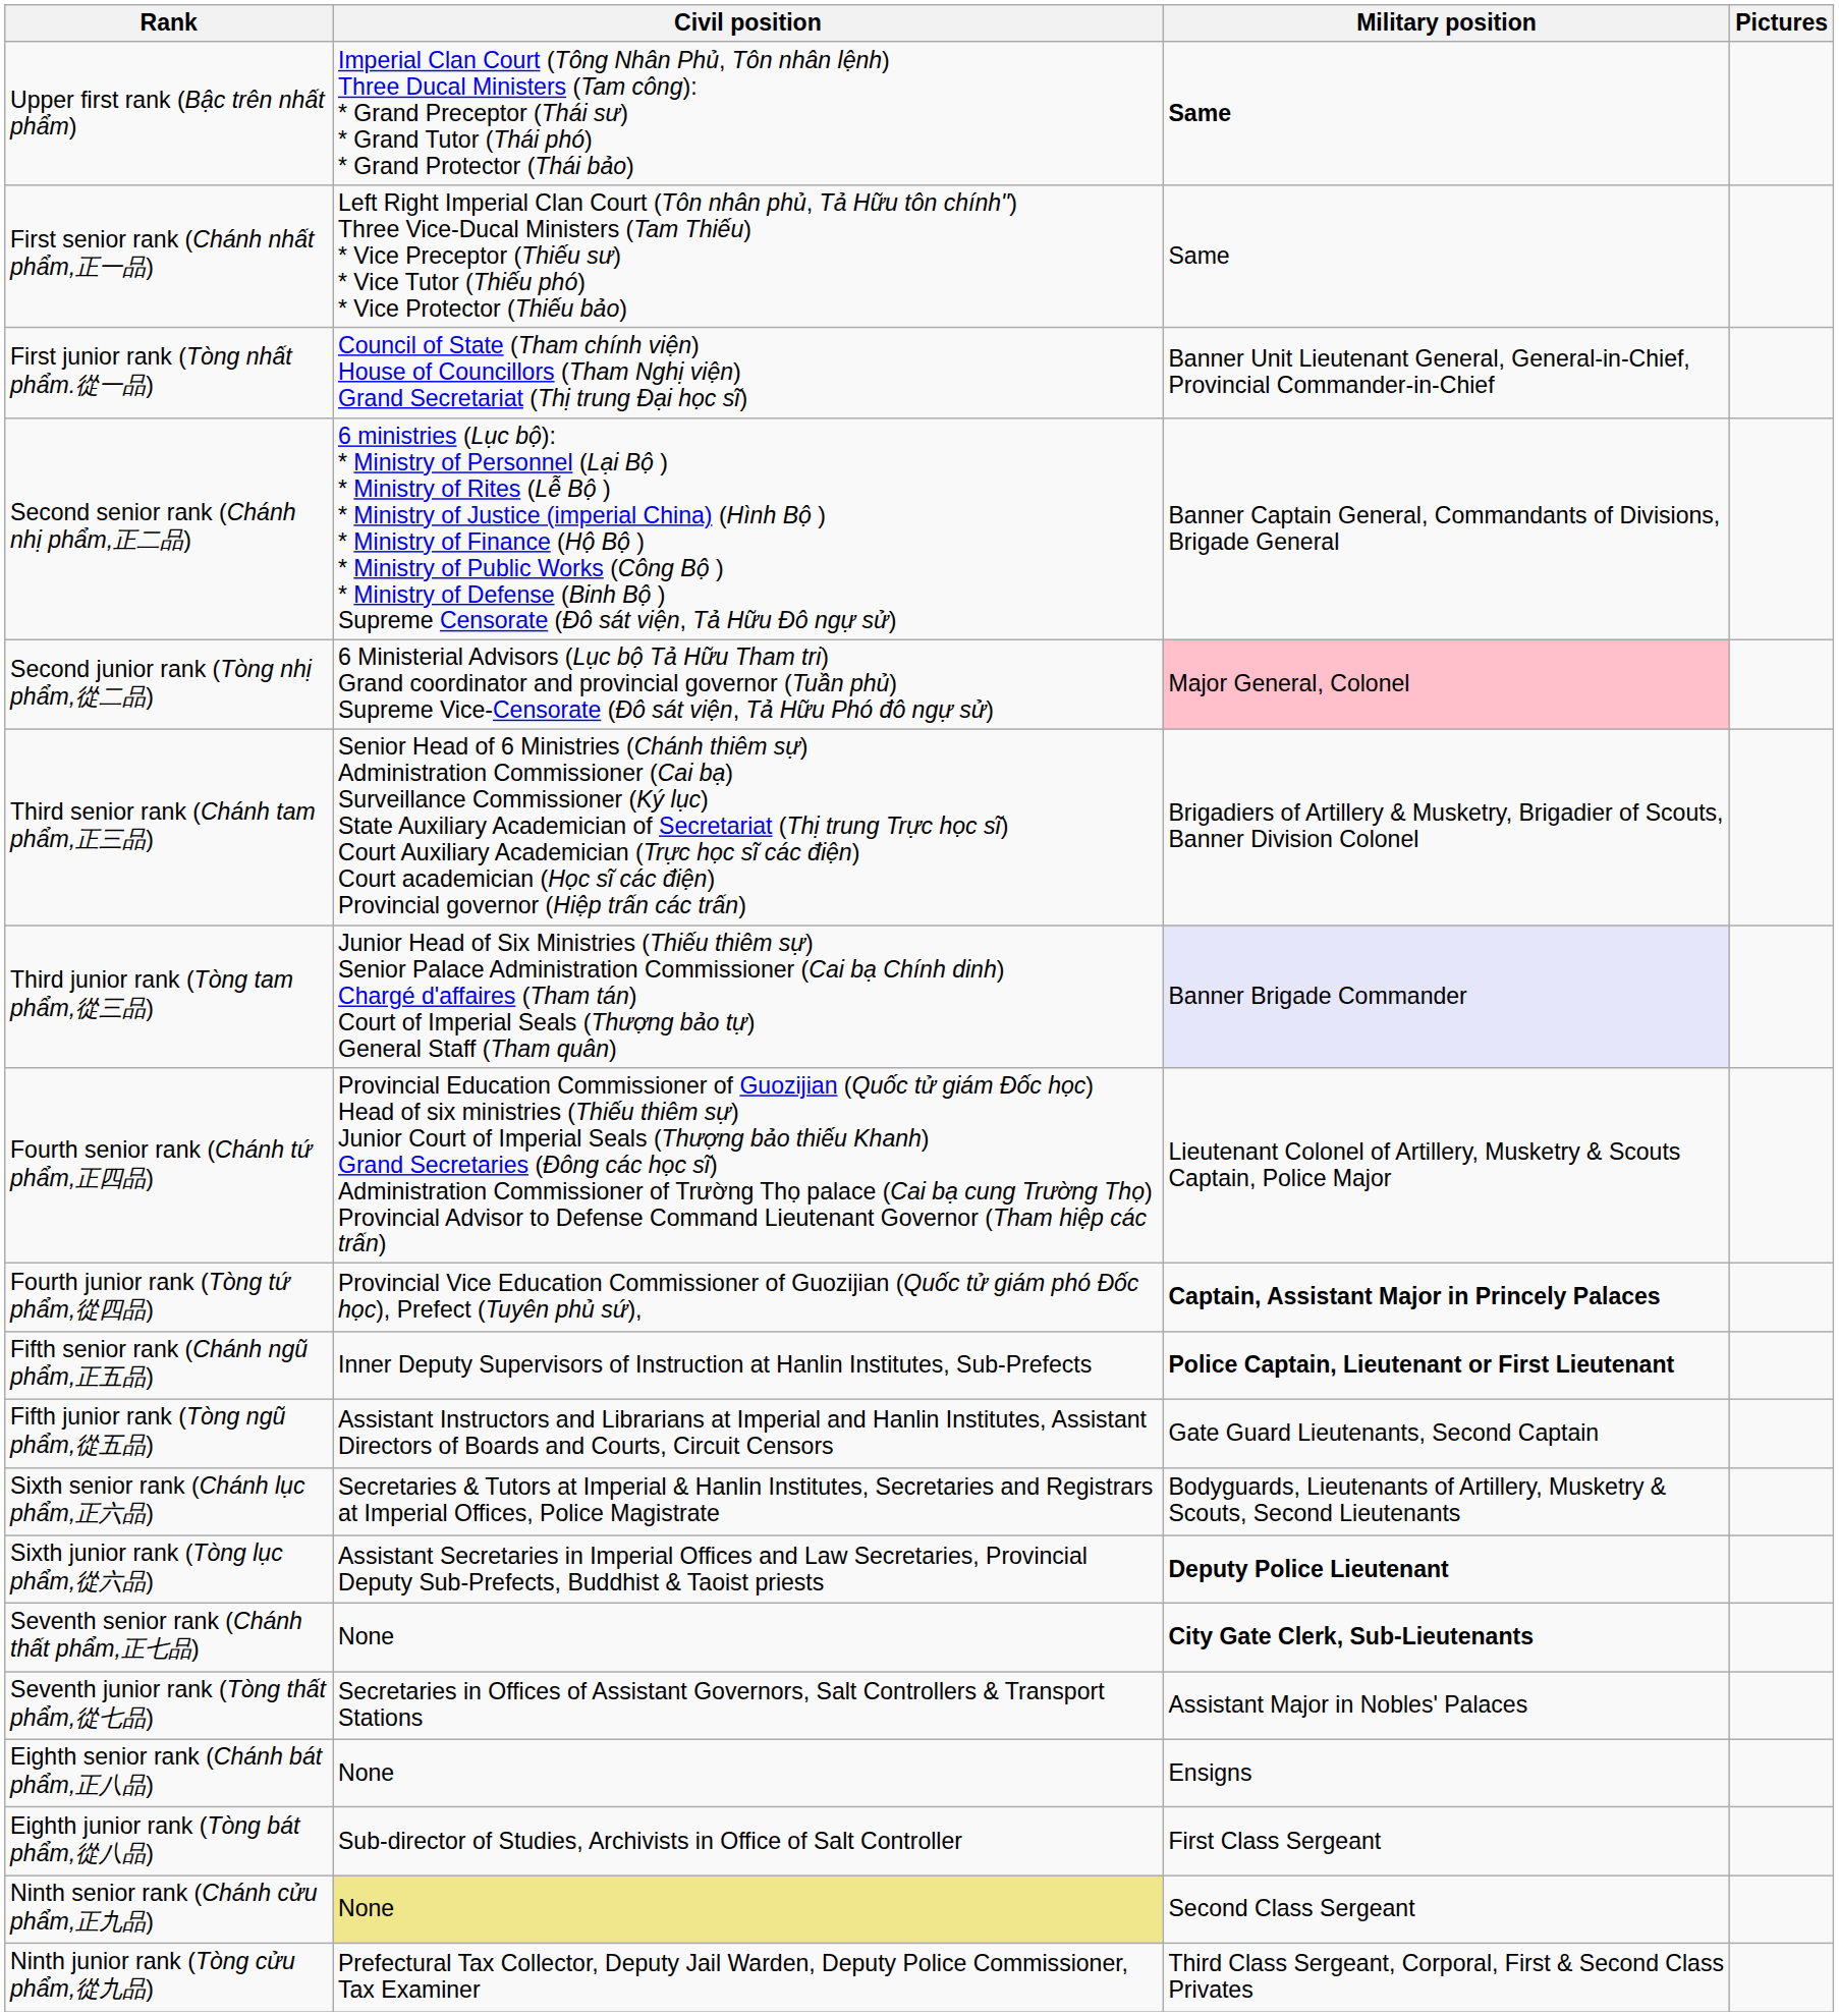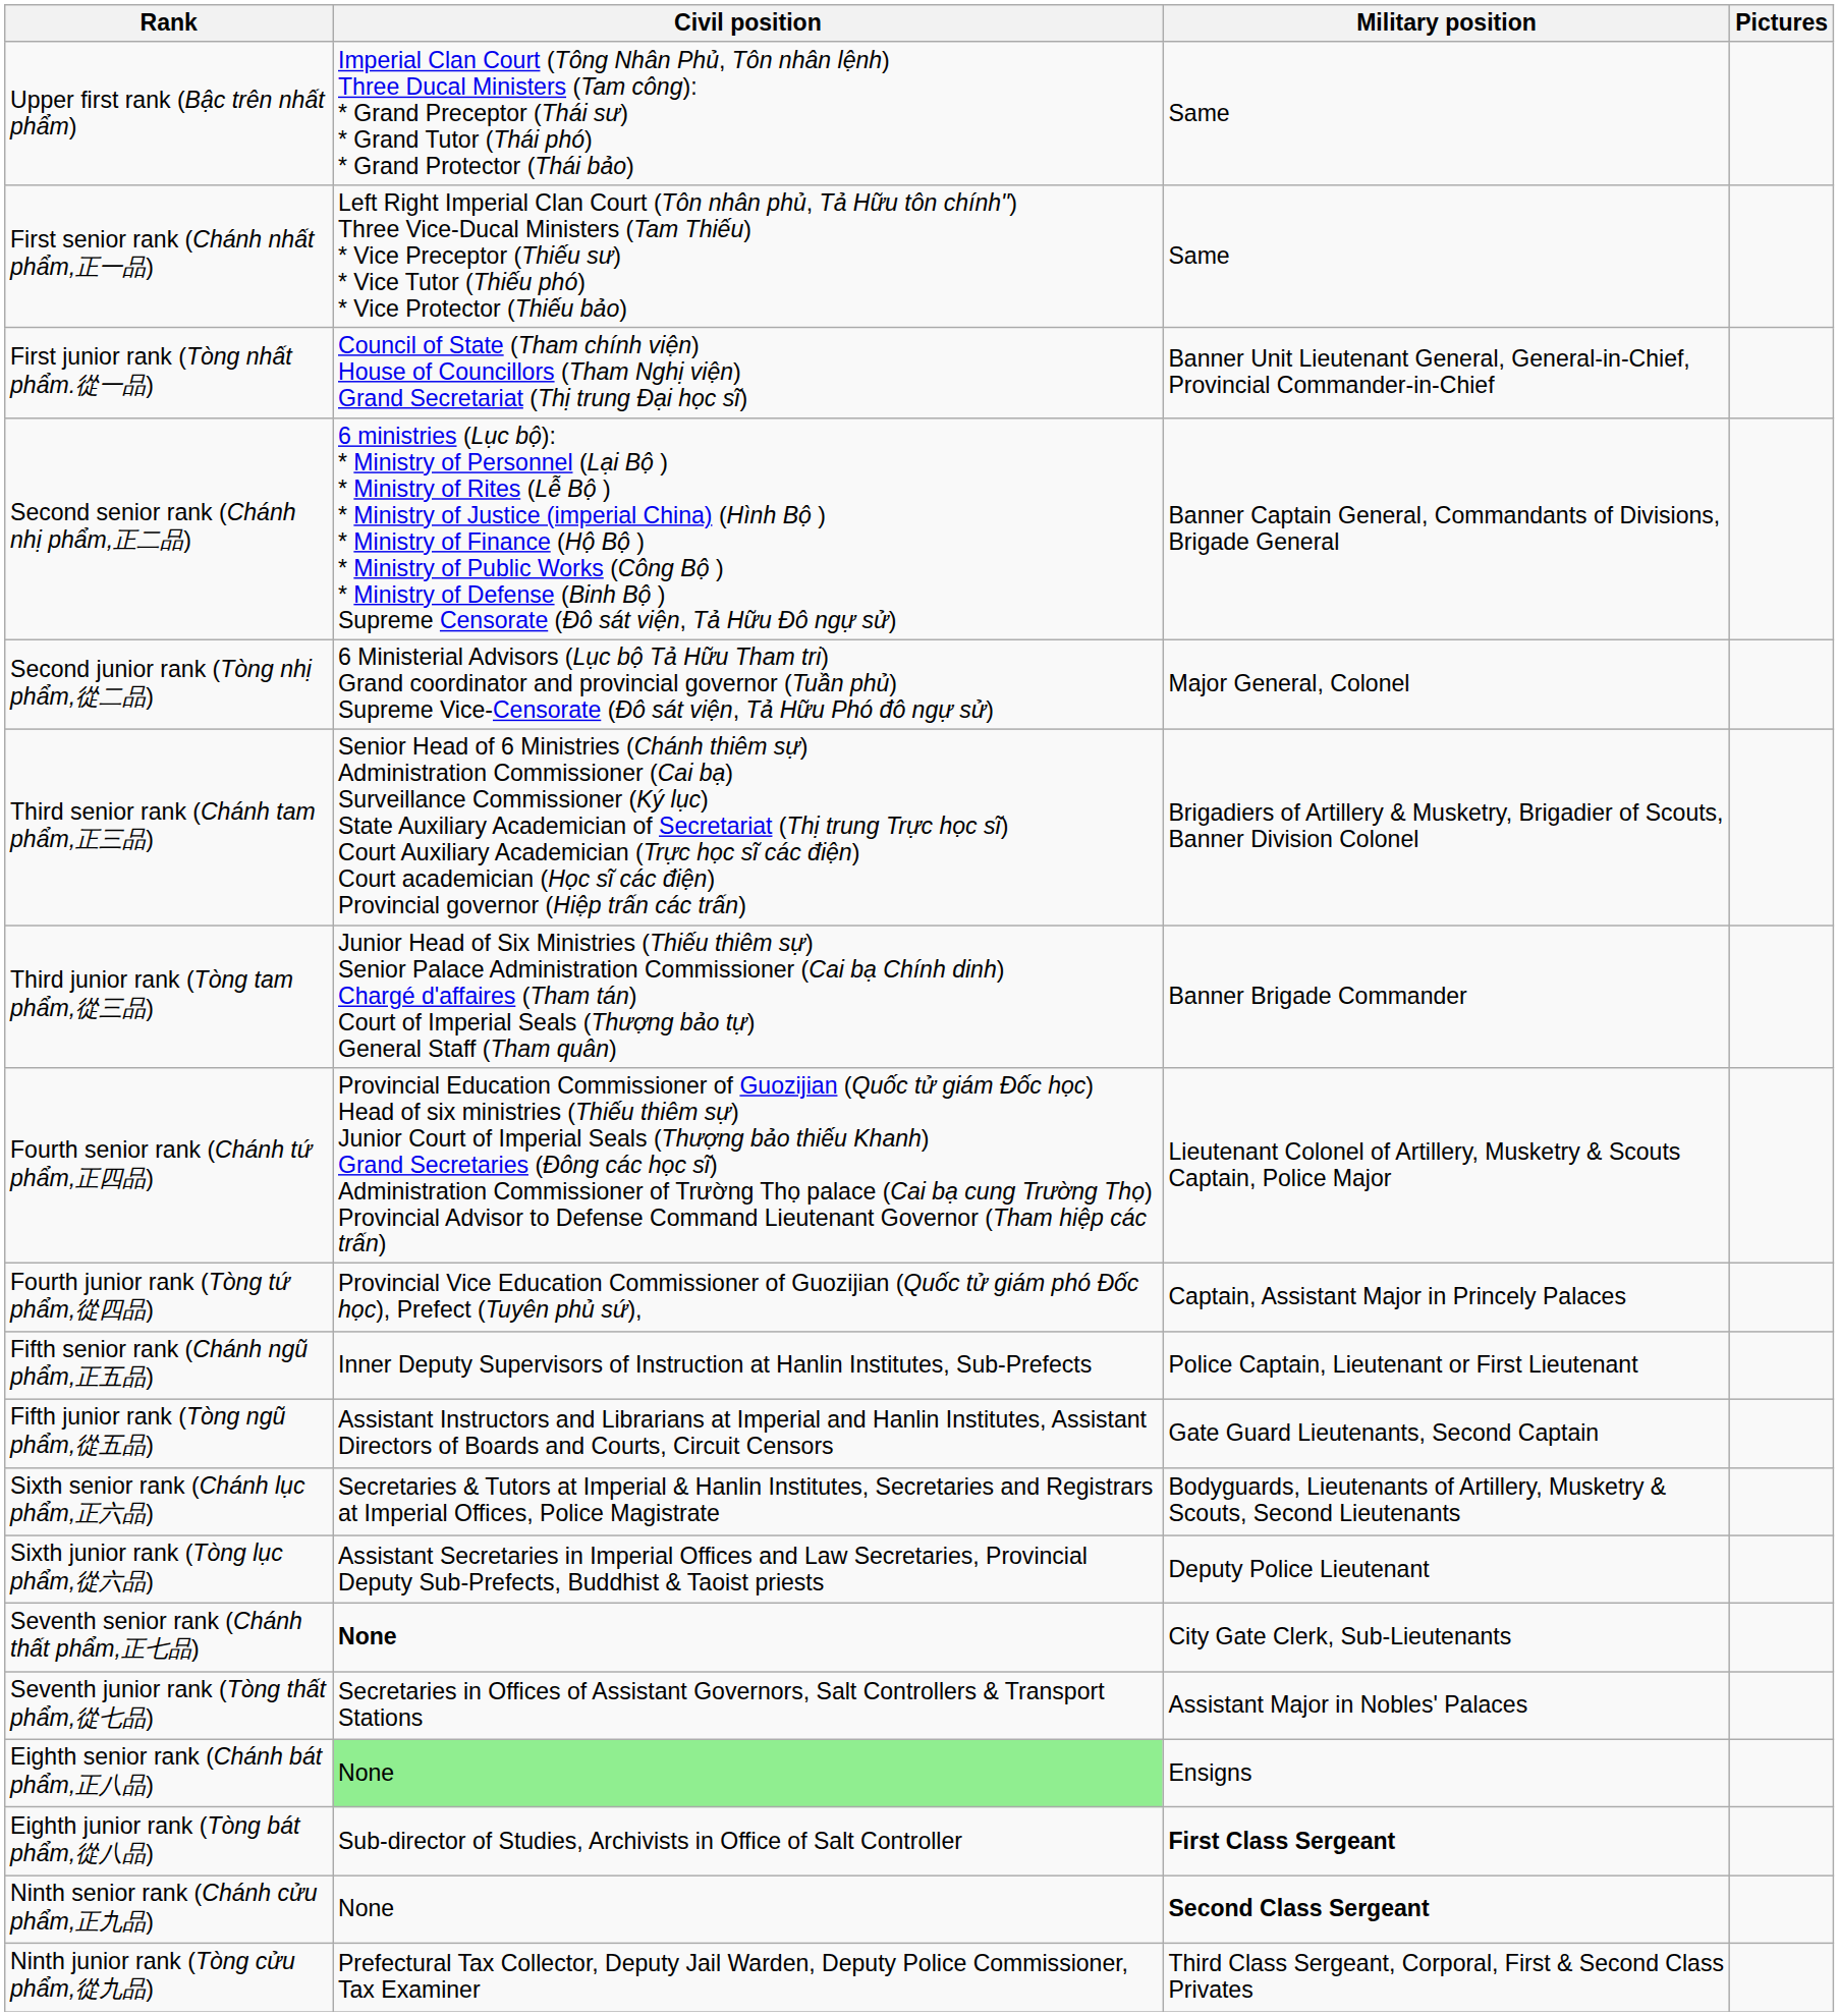 <table class="wikitable">
 <tr>
 <th>Rank</th>
 <th>Civil position</th>
 <th>Military position</th>
 <th colspan="4">Pictures</th>
 </tr>
 <tr>
 <td>Upper first rank (<em>Bậc trên nhất phẩm</em>)</td>
 <td><a href='#'>Imperial Clan Court</a> (<em>Tông Nhân Phủ</em>, <em>Tôn nhân lệnh</em>)<br> <a href='#'>Three Ducal Ministers</a> (<em>Tam công</em>):<br> * Grand Preceptor (<em>Thái sư</em>) <br>* Grand Tutor (<em>Thái phó</em>)<br> * Grand Protector (<em>Thái bảo</em>)</td>
-<td><strong>Same</strong></td>
+<td>Same</td>
 <td>  </td>
 </tr>
 <tr>
 <td>First senior rank (<em>Chánh nhất phẩm,正一品</em>)</td>
 <td>Left Right Imperial Clan Court (<em>Tôn nhân phủ</em>, <em>Tả Hữu tôn chính"</em>)<br> Three Vice-Ducal Ministers (<em>Tam Thiếu</em>)<br>* Vice Preceptor (<em>Thiếu sư</em>)<br>* Vice Tutor (<em>Thiếu phó</em>)<br>* Vice Protector (<em>Thiếu bảo</em>)</td>
 <td>Same</td>
 <td></td>
 </tr>
 <tr>
 <td>First junior rank (<em>Tòng nhất phẩm.從一品</em>)</td>
 <td><a href='#'>Council of State</a> (<em>Tham chính viện</em>)<br> <a href='#'>House of Councillors</a> (<em>Tham Nghị viện</em>)<br> <a href='#'>Grand Secretariat</a> (<em>Thị trung Đại học sĩ</em>)</td>
 <td>Banner Unit Lieutenant General, General-in-Chief, Provincial Commander-in-Chief</td>
 <td></td>
 </tr>
 <tr>
 <td>Second senior rank (<em>Chánh nhị phẩm,正二品</em>)</td>
 <td><a href='#'>6 ministries</a> (<em>Lục bộ</em>):<br>* <a href='#'>Ministry of Personnel</a> (<em>Lại Bộ </em>) <br>* <a href='#'>Ministry of Rites</a> (<em>Lễ Bộ </em>)<br>* <a href='#'>Ministry of Justice (imperial China)</a> (<em>Hình Bộ </em>)<br>* <a href='#'>Ministry of Finance</a> (<em>Hộ Bộ </em>)<br>* <a href='#'>Ministry of Public Works</a> (<em>Công Bộ </em>)<br>* <a href='#'>Ministry of Defense</a> (<em>Binh Bộ </em>)<br> Supreme <a href='#'>Censorate</a> (<em>Đô sát viện</em>, <em>Tả Hữu Đô ngự sử</em>)</td>
 <td>Banner Captain General, Commandants of Divisions, Brigade General</td>
 <td></td>
 </tr>
 <tr>
 <td>Second junior rank (<em>Tòng nhị phẩm,從二品</em>)</td>
 <td>6 Ministerial Advisors (<em>Lục bộ Tả Hữu Tham tri</em>)<br>Grand coordinator and provincial governor (<em>Tuần phủ</em>)<br>Supreme Vice-<a href='#'>Censorate</a> (<em>Đô sát viện</em>, <em>Tả Hữu Phó đô ngự sử</em>)</td>
-<td style="background: pink;">Major General, Colonel</td>
+<td>Major General, Colonel</td>
 <td></td>
 </tr>
 <tr>
 <td>Third senior rank (<em>Chánh tam phẩm,正三品</em>)</td>
 <td>Senior Head of 6 Ministries (<em>Chánh thiêm sự</em>)<br> Administration Commissioner (<em>Cai bạ</em>)<br>Surveillance Commissioner (<em>Ký lục</em>)<br>State Auxiliary Academician of <a href='#'>Secretariat</a> (<em>Thị trung Trực học sĩ</em>)<br> Court Auxiliary Academician (<em>Trực học sĩ các điện</em>)<br>Court academician (<em>Học sĩ các điện</em>)<br>Provincial governor (<em>Hiệp trấn các trấn</em>)</td>
 <td>Brigadiers of Artillery & Musketry, Brigadier of Scouts, Banner Division Colonel</td>
 <td></td>
 </tr>
 <tr>
 <td>Third junior rank (<em>Tòng tam phẩm,從三品</em>)</td>
 <td>Junior Head of Six Ministries (<em>Thiếu thiêm sự</em>)<br>Senior Palace Administration Commissioner (<em>Cai bạ Chính dinh</em>)<br><a href='#'>Chargé d'affaires</a> (<em>Tham tán</em>)<br> Court of Imperial Seals (<em>Thượng bảo tự</em>)<br>General Staff (<em>Tham quân</em>)</td>
-<td style="background: lavender;">Banner Brigade Commander</td>
+<td>Banner Brigade Commander</td>
 <td></td>
 </tr>
 <tr>
 <td>Fourth senior rank (<em>Chánh tứ phẩm,正四品</em>)</td>
 <td>Provincial Education Commissioner of <a href='#'>Guozijian</a> (<em>Quốc tử giám Đốc học</em>)<br>Head of six ministries (<em>Thiếu thiêm sự</em>)<br>Junior Court of Imperial Seals (<em>Thượng bảo thiếu Khanh</em>)<br><a href='#'>Grand Secretaries</a> (<em>Đông các học sĩ</em>)<br>Administration Commissioner of Trường Thọ palace (<em>Cai bạ cung Trường Thọ</em>)<br>Provincial Advisor to Defense Command Lieutenant Governor (<em>Tham hiệp các trấn</em>)</td>
 <td>Lieutenant Colonel of Artillery, Musketry & Scouts Captain, Police Major</td>
 <td></td>
 </tr>
 <tr>
 <td>Fourth junior rank (<em>Tòng tứ phẩm,從四品</em>)</td>
 <td>Provincial Vice Education Commissioner of Guozijian (<em>Quốc tử giám phó Đốc học</em>), Prefect (<em>Tuyên phủ sứ</em>),</td>
-<td><strong>Captain, Assistant Major in Princely Palaces</strong></td>
+<td>Captain, Assistant Major in Princely Palaces</td>
 <td></td>
 </tr>
 <tr>
 <td>Fifth senior rank (<em>Chánh ngũ phẩm,正五品</em>)</td>
 <td>Inner Deputy Supervisors of Instruction at Hanlin Institutes, Sub-Prefects</td>
-<td><strong>Police Captain, Lieutenant or First Lieutenant</strong></td>
+<td>Police Captain, Lieutenant or First Lieutenant</td>
 <td></td>
 </tr>
 <tr>
 <td>Fifth junior rank (<em>Tòng ngũ phẩm,從五品</em>)</td>
 <td>Assistant Instructors and Librarians at Imperial and Hanlin Institutes, Assistant Directors of Boards and Courts, Circuit Censors</td>
 <td>Gate Guard Lieutenants, Second Captain</td>
 <td></td>
 </tr>
 <tr>
 <td>Sixth senior rank (<em>Chánh lục phẩm,正六品</em>)</td>
 <td>Secretaries & Tutors at Imperial & Hanlin Institutes, Secretaries and Registrars at Imperial Offices, Police Magistrate</td>
 <td>Bodyguards, Lieutenants of Artillery, Musketry & Scouts, Second Lieutenants</td>
 <td></td>
 </tr>
 <tr>
 <td>Sixth junior rank (<em>Tòng lục phẩm,從六品</em>)</td>
 <td>Assistant Secretaries in Imperial Offices and Law Secretaries, Provincial Deputy Sub-Prefects, Buddhist & Taoist priests</td>
-<td><strong>Deputy Police Lieutenant</strong></td>
+<td>Deputy Police Lieutenant</td>
 <td></td>
 </tr>
 <tr>
 <td>Seventh senior rank (<em>Chánh thất phẩm,正七品</em>)</td>
-<td>None</td>
-<td><strong>City Gate Clerk, Sub-Lieutenants</strong></td>
+<td><strong>None</strong></td>
+<td>City Gate Clerk, Sub-Lieutenants</td>
 <td></td>
 </tr>
 <tr>
 <td>Seventh junior rank (<em>Tòng thất phẩm,從七品</em>)</td>
 <td>Secretaries in Offices of Assistant Governors, Salt Controllers & Transport Stations</td>
 <td>Assistant Major in Nobles' Palaces</td>
 <td></td>
 </tr>
 <tr>
 <td>Eighth senior rank (<em>Chánh bát phẩm,正八品</em>)</td>
-<td>None</td>
+<td style="background: lightgreen;">None</td>
 <td>Ensigns</td>
 <td></td>
 </tr>
 <tr>
 <td>Eighth junior rank (<em>Tòng bát phẩm,從八品</em>)</td>
 <td>Sub-director of Studies, Archivists in Office of Salt Controller</td>
-<td>First Class Sergeant</td>
+<td><strong>First Class Sergeant</strong></td>
 <td></td>
 </tr>
 <tr>
 <td>Ninth senior rank (<em>Chánh cửu phẩm,正九品</em>)</td>
-<td style="background: khaki;">None</td>
-<td>Second Class Sergeant</td>
+<td>None</td>
+<td><strong>Second Class Sergeant</strong></td>
 <td></td>
 </tr>
 <tr>
 <td>Ninth junior rank (<em>Tòng cửu phẩm,從九品</em>)</td>
 <td>Prefectural Tax Collector, Deputy Jail Warden, Deputy Police Commissioner, Tax Examiner</td>
 <td>Third Class Sergeant, Corporal, First & Second Class Privates</td>
 <td></td>
 </tr>
 </table>
